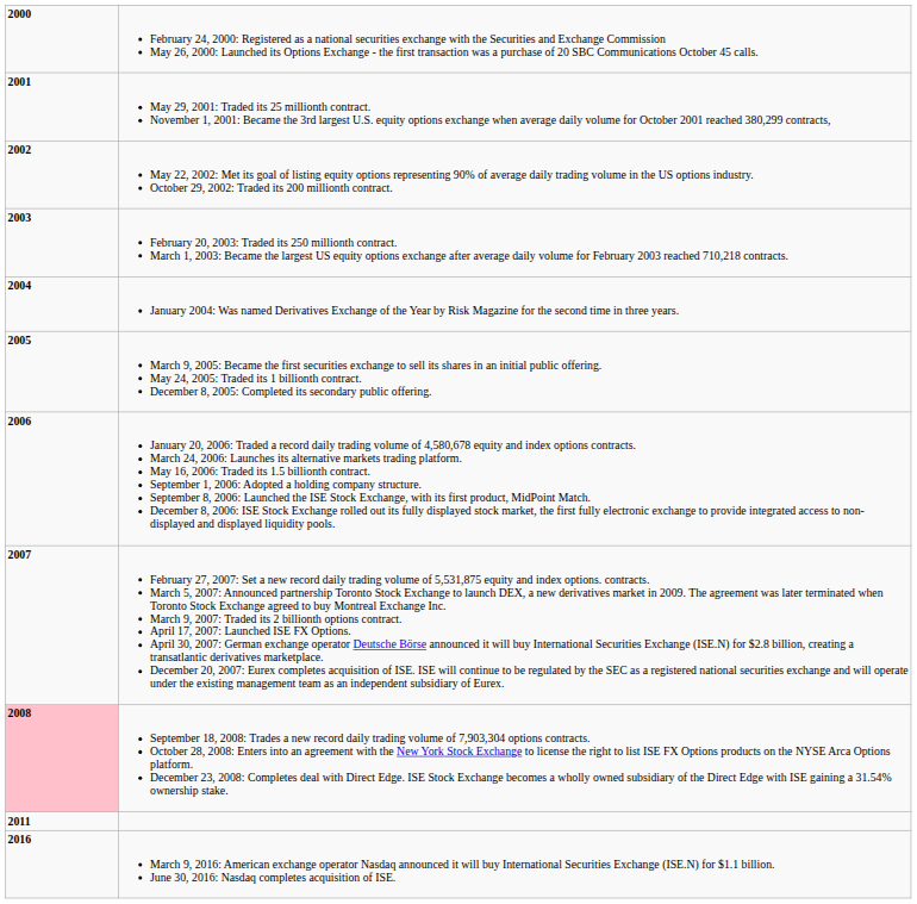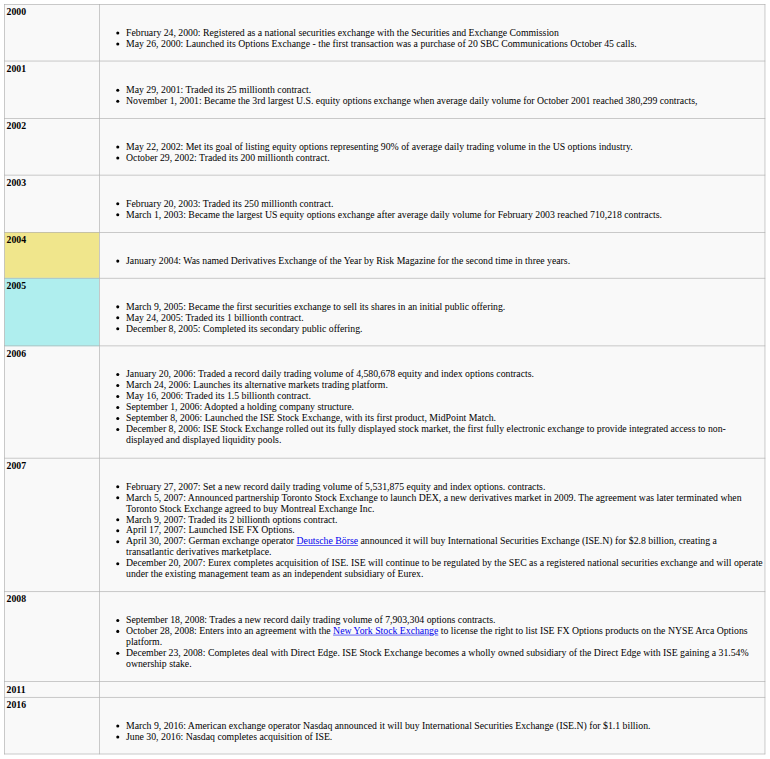 <table class="wikitable">
 <tr valign="top">
 <td width="10%"><strong>2000</strong></td>
 <td width="70%"><br><ul><li>February 24, 2000: Registered as a national securities exchange with the Securities and Exchange Commission</li><li>May 26, 2000: Launched its Options Exchange - the first transaction was a purchase of 20 SBC Communications October 45 calls.</li></ul></td>
 </tr>
 <tr valign="top">
 <td width="10%"><strong>2001</strong></td>
 <td width="70%"><br><ul><li>May 29, 2001: Traded its 25 millionth contract.</li><li>November 1, 2001: Became the 3rd largest U.S. equity options exchange when average daily volume for October 2001 reached 380,299 contracts,</li></ul></td>
 </tr>
 <tr valign="top">
 <td width="10%"><strong>2002</strong></td>
 <td width="70%"><br><ul><li>May 22, 2002: Met its goal of listing equity options representing 90% of average daily trading volume in the US options industry.</li><li>October 29, 2002: Traded its 200 millionth contract.</li></ul></td>
 </tr>
 <tr valign="top">
 <td width="10%"><strong>2003</strong></td>
 <td width="70%"><br><ul><li>February 20, 2003: Traded its 250 millionth contract.</li><li>March 1, 2003: Became the largest US equity options exchange after average daily volume for February 2003 reached 710,218 contracts.</li></ul></td>
 </tr>
 <tr valign="top">
-<td width="10%"><strong>2004</strong></td>
+<td width="10%" style="background: khaki;"><strong>2004</strong></td>
 <td width="70%"><br><ul><li>January 2004: Was named Derivatives Exchange of the Year by Risk Magazine for the second time in three years.</li></ul></td>
 </tr>
 <tr valign="top">
-<td width="10%"><strong>2005</strong></td>
+<td width="10%" style="background: paleturquoise;"><strong>2005</strong></td>
 <td width="70%"><br><ul><li>March 9, 2005: Became the first securities exchange to sell its shares in an initial public offering.</li><li>May 24, 2005: Traded its 1 billionth contract.</li><li>December 8, 2005: Completed its secondary public offering.</li></ul></td>
 </tr>
 <tr valign="top">
 <td width="10%"><strong>2006</strong></td>
 <td width="70%"><br><ul><li>January 20, 2006: Traded a record daily trading volume of 4,580,678 equity and index options contracts.</li><li>March 24, 2006: Launches its alternative markets trading platform.</li><li>May 16, 2006: Traded its 1.5 billionth contract.</li><li>September 1, 2006: Adopted a holding company structure.</li><li>September 8, 2006: Launched the ISE Stock Exchange, with its first product, MidPoint Match.</li><li>December 8, 2006: ISE Stock Exchange rolled out its fully displayed stock market, the first fully electronic exchange to provide integrated access to non-displayed and displayed liquidity pools.</li></ul></td>
 </tr>
 <tr valign="top">
 <td width="10%"><strong>2007</strong></td>
 <td width="70%"><br><ul><li>February 27, 2007: Set a new record daily trading volume of 5,531,875 equity and index options. contracts.</li><li>March 5, 2007: Announced partnership Toronto Stock Exchange to launch DEX, a new derivatives market in 2009. The agreement was later terminated when Toronto Stock Exchange agreed to buy Montreal Exchange Inc.</li><li>March 9, 2007: Traded its 2 billionth options contract.</li><li>April 17, 2007: Launched ISE FX Options.</li><li>April 30, 2007: German exchange operator <a href='#'>Deutsche Börse</a> announced it will buy International Securities Exchange (ISE.N) for $2.8 billion, creating a transatlantic derivatives marketplace.</li><li>December 20, 2007: Eurex completes acquisition of ISE. ISE will continue to be regulated by the SEC as a registered national securities exchange and will operate under the existing management team as an independent subsidiary of Eurex.</li></ul></td>
 </tr>
 <tr valign="top">
-<td width="10%" style="background: pink;"><strong>2008</strong></td>
+<td width="10%"><strong>2008</strong></td>
 <td width="70%"><br><ul><li>September 18, 2008: Trades a new record daily trading volume of 7,903,304 options contracts.</li><li>October 28, 2008: Enters into an agreement with the <a href='#'>New York Stock Exchange</a> to license the right to list ISE FX Options products on the NYSE Arca Options platform.</li><li>December 23, 2008: Completes deal with Direct Edge. ISE Stock Exchange becomes a wholly owned subsidiary of the Direct Edge with ISE gaining a 31.54% ownership stake.</li></ul></td>
 </tr>
 <tr>
 <td><strong>2011</strong></td>
 <td></td>
 </tr>
 <tr valign="top">
 <td width="10%"><strong>2016</strong></td>
 <td width="70%"><br><ul><li>March 9, 2016: American exchange operator Nasdaq announced it will buy International Securities Exchange (ISE.N) for $1.1 billion.</li><li>June 30, 2016: Nasdaq completes acquisition of ISE.</li></ul></td>
 </tr>
 </table>
